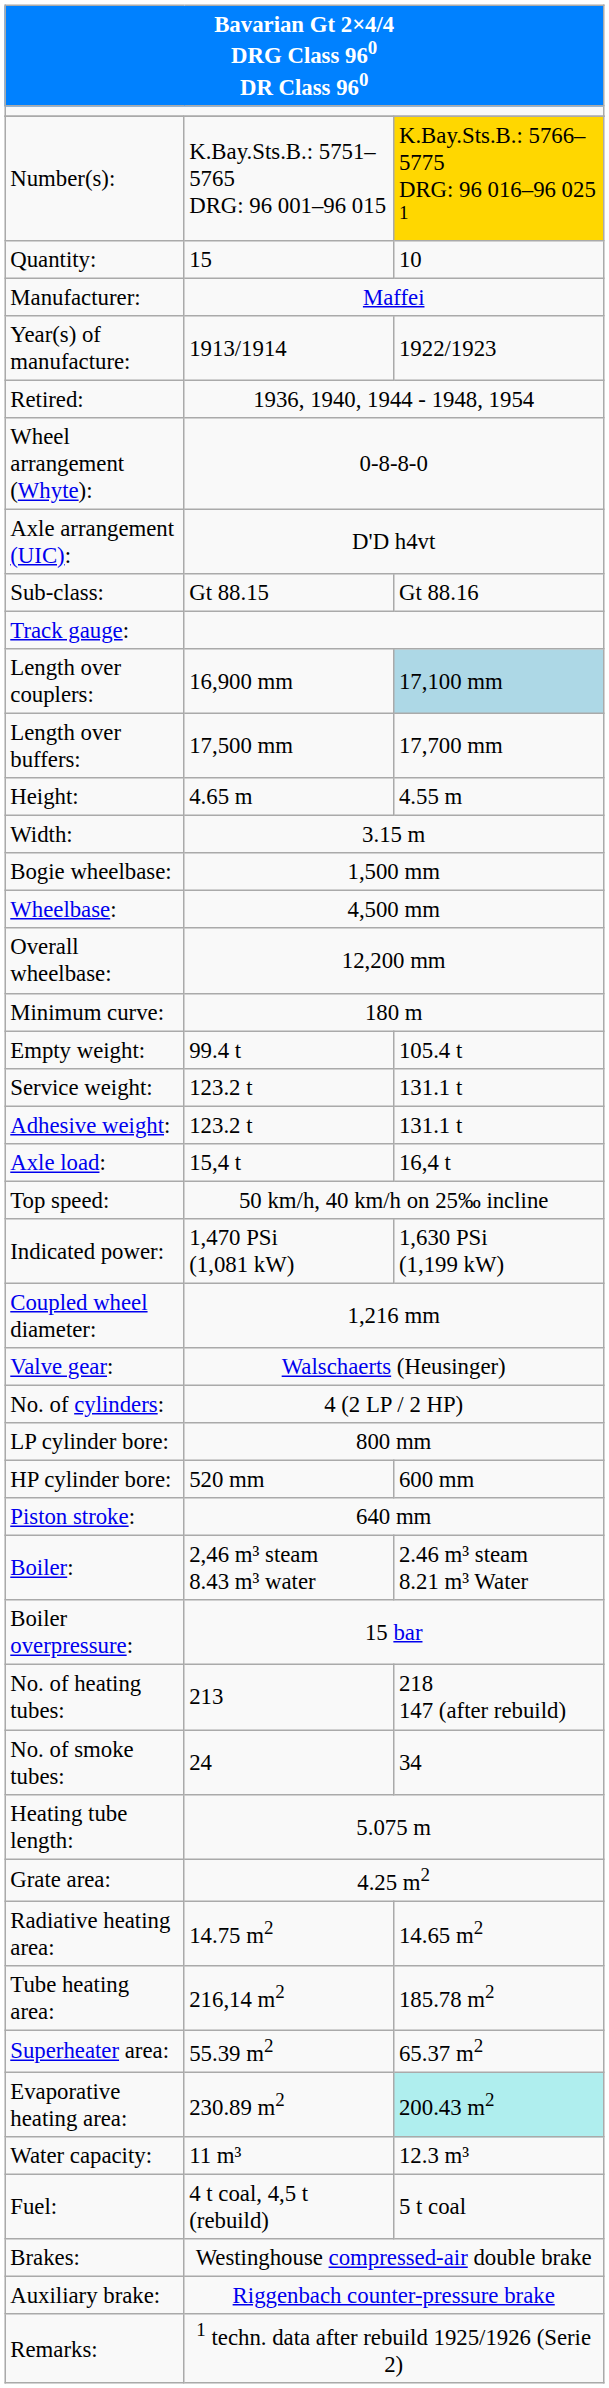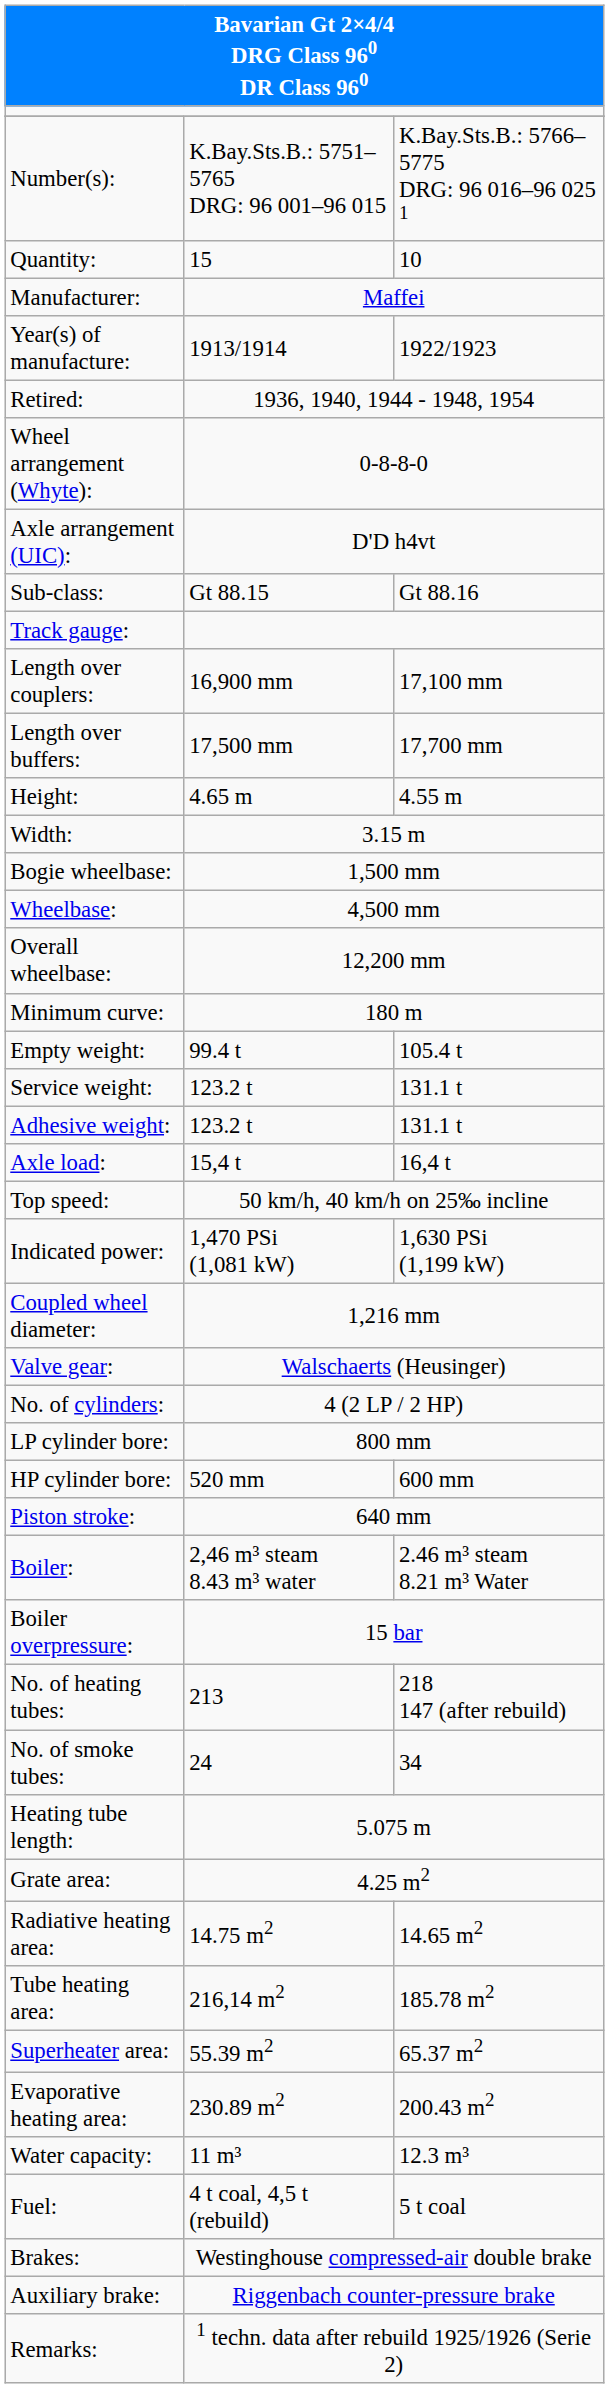 <table class="wikitable float-right" align="right" style="clear:right; font-size:95%; width:400px;">
 <tr>
 <th colspan="3" style="color:#ffffff; background:#0081FF">Bavarian Gt 2×4/4<br>DRG Class 96<sup>0</sup><br>DR Class 96<sup>0</sup></th>
 </tr>
 <tr>
 <td colspan="3"></td>
 </tr>
 <tr>
 </tr>
 <tr>
 <td>Number(s):</td>
 <td>K.Bay.Sts.B.: 5751–5765<br>DRG: 96 001–96 015</td>
-<td style="background: gold;">K.Bay.Sts.B.: 5766–5775<br>DRG: 96 016–96 025 <sup>1</sup></td>
+<td>K.Bay.Sts.B.: 5766–5775<br>DRG: 96 016–96 025 <sup>1</sup></td>
 </tr>
 <tr>
 <td>Quantity:</td>
 <td>15</td>
 <td>10</td>
 </tr>
 <tr>
 <td>Manufacturer:</td>
 <td colspan="2" align="center"><a href='#'>Maffei</a></td>
 </tr>
 <tr>
 <td>Year(s) of manufacture:</td>
 <td>1913/1914</td>
 <td>1922/1923</td>
 </tr>
 <tr>
 <td>Retired:</td>
 <td colspan="2" align="center">1936, 1940, 1944 - 1948, 1954</td>
 </tr>
 <tr>
 <td>Wheel arrangement (<a href='#'>Whyte</a>):</td>
 <td colspan="2" align="center">0-8-8-0</td>
 </tr>
 <tr>
 <td>Axle arrangement <a href='#'>(UIC)</a>:</td>
 <td colspan="2" align="center">D'D h4vt</td>
 </tr>
 <tr>
 <td>Sub-class:</td>
 <td>Gt 88.15</td>
 <td>Gt 88.16</td>
 </tr>
 <tr>
 <td><a href='#'>Track gauge</a>:</td>
 <td colspan="2" align="center"></td>
 </tr>
 <tr>
 <td>Length over couplers:</td>
 <td>16,900 mm</td>
-<td style="background: lightblue;">17,100 mm</td>
+<td>17,100 mm</td>
 </tr>
 <tr>
 <td>Length over buffers:</td>
 <td>17,500 mm</td>
 <td>17,700 mm</td>
 </tr>
 <tr>
 <td>Height:</td>
 <td>4.65 m</td>
 <td>4.55 m</td>
 </tr>
 <tr>
 <td>Width:</td>
 <td colspan="2" align="center">3.15 m</td>
 </tr>
 <tr>
 <td>Bogie wheelbase:</td>
 <td colspan="2" align="center">1,500 mm</td>
 </tr>
 <tr>
 <td><a href='#'>Wheelbase</a>:</td>
 <td colspan="2" align="center">4,500 mm</td>
 </tr>
 <tr>
 <td>Overall wheelbase:</td>
 <td colspan="2" align="center">12,200 mm</td>
 </tr>
 <tr>
 <td>Minimum curve:</td>
 <td colspan="2" align="center">180 m</td>
 </tr>
 <tr>
 <td>Empty weight:</td>
 <td>99.4 t</td>
 <td>105.4 t</td>
 </tr>
 <tr>
 <td>Service weight:</td>
 <td>123.2 t</td>
 <td>131.1 t</td>
 </tr>
 <tr>
 <td><a href='#'>Adhesive weight</a>:</td>
 <td>123.2 t</td>
 <td>131.1 t</td>
 </tr>
 <tr>
 <td><a href='#'>Axle load</a>:</td>
 <td>15,4 t</td>
 <td>16,4 t</td>
 </tr>
 <tr>
 <td>Top speed:</td>
 <td colspan="2" align="center">50 km/h, 40 km/h on 25‰ incline</td>
 </tr>
 <tr>
 <td>Indicated power:</td>
 <td>1,470 PSi<br>(1,081 kW)</td>
 <td>1,630 PSi<br>(1,199 kW)</td>
 </tr>
 <tr>
 <td><a href='#'>Coupled wheel</a> diameter:</td>
 <td colspan="2" align="center">1,216 mm</td>
 </tr>
 <tr>
 <td><a href='#'>Valve gear</a>:</td>
 <td colspan="2" align="center"><a href='#'>Walschaerts</a> (Heusinger)</td>
 </tr>
 <tr>
 <td>No. of <a href='#'>cylinders</a>:</td>
 <td colspan="2" align="center">4 (2 LP / 2 HP)</td>
 </tr>
 <tr>
 <td>LP cylinder bore:</td>
 <td colspan="2" align="center">800 mm</td>
 </tr>
 <tr>
 <td>HP cylinder bore:</td>
 <td>520 mm</td>
 <td>600 mm</td>
 </tr>
 <tr>
 <td><a href='#'>Piston stroke</a>:</td>
 <td colspan="2" align="center">640 mm</td>
 </tr>
 <tr>
 <td><a href='#'>Boiler</a>:</td>
 <td>2,46 m³ steam<br>8.43 m³ water</td>
 <td>2.46 m³ steam<br>8.21 m³ Water</td>
 </tr>
 <tr>
 <td>Boiler <a href='#'>overpressure</a>:</td>
 <td colspan="2" align="center">15 <a href='#'>bar</a></td>
 </tr>
 <tr>
 <td>No. of heating tubes:</td>
 <td>213</td>
 <td>218<br>147 (after rebuild)</td>
 </tr>
 <tr>
 <td>No. of smoke tubes:</td>
 <td>24</td>
 <td>34</td>
 </tr>
 <tr>
 <td>Heating tube length:</td>
 <td colspan="2" align="center">5.075 m</td>
 </tr>
 <tr>
 <td>Grate area:</td>
 <td colspan="2" align="center">4.25 m<sup>2</sup></td>
 </tr>
 <tr>
 <td>Radiative heating area:</td>
 <td>14.75 m<sup>2</sup></td>
 <td>14.65 m<sup>2</sup></td>
 </tr>
 <tr>
 <td>Tube heating area:</td>
 <td>216,14 m<sup>2</sup> </td>
 <td>185.78 m<sup>2</sup> </td>
 </tr>
 <tr>
 <td><a href='#'>Superheater</a> area:</td>
 <td>55.39 m<sup>2</sup></td>
 <td>65.37 m<sup>2</sup></td>
 </tr>
 <tr>
 <td>Evaporative heating area:</td>
 <td>230.89 m<sup>2</sup></td>
-<td style="background: paleturquoise;">200.43 m<sup>2</sup></td>
+<td>200.43 m<sup>2</sup></td>
 </tr>
 <tr>
 <td>Water capacity:</td>
 <td>11 m³</td>
 <td>12.3 m³</td>
 </tr>
 <tr>
 <td>Fuel:</td>
 <td>4 t coal, 4,5 t (rebuild)</td>
 <td>5 t coal</td>
 </tr>
 <tr>
 <td>Brakes:</td>
 <td colspan="2" align="center">Westinghouse <a href='#'>compressed-air</a> double brake</td>
 </tr>
 <tr>
 <td>Auxiliary brake:</td>
 <td colspan="2" align="center"><a href='#'>Riggenbach counter-pressure brake</a></td>
 </tr>
 <tr>
 <td>Remarks:</td>
 <td colspan="2" align="center"><sup>1</sup> techn. data after rebuild 1925/1926 (Serie 2)</td>
 </tr>
 </table>
